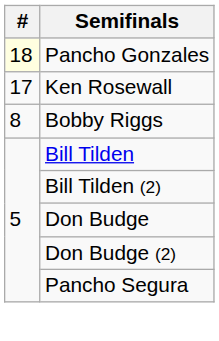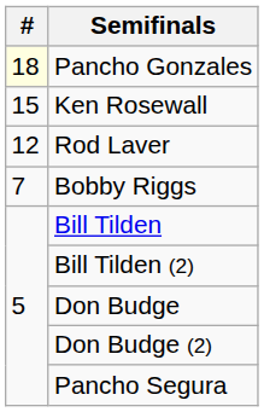 <table class=wikitable style="display:inline-table;">
 <tr>
 <th width=20>#</th>
 <th>Semifinals</th>
 </tr>
 <tr>
 <td style="background: lightyellow;">18</td>
 <td> Pancho Gonzales</td>
 </tr>
 <tr>
-<td>17</td>
+<td>15</td>
 <td> Ken Rosewall</td>
 </tr>
 <tr>
-<td>8</td>
+<td>12</td>
+<td> Rod Laver</td>
+</tr>
+<tr>
+<td>7</td>
 <td> Bobby Riggs</td>
 </tr>
 <tr>
 <td rowspan="5">5</td>
 <td> <a href='#'>Bill Tilden</a></td>
 </tr>
 <tr>
 <td> Bill Tilden <small>(2)</small></td>
 </tr>
 <tr>
 <td> Don Budge</td>
 </tr>
 <tr>
 <td> Don Budge <small>(2)</small></td>
 </tr>
 <tr>
 <td> Pancho Segura</td>
 </tr>
 </table>
